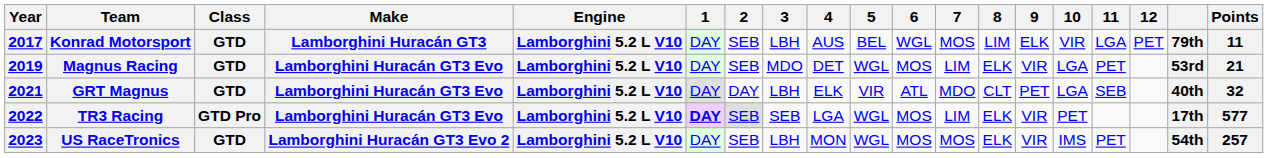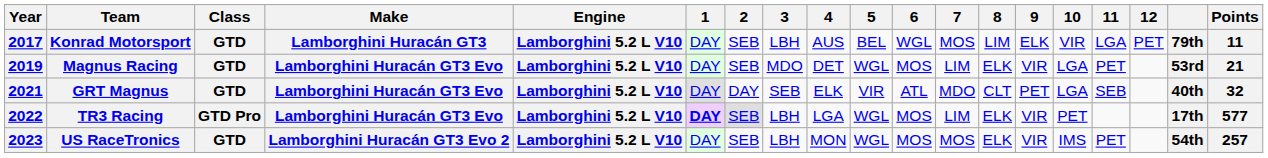 <table class="wikitable" style="text-align:center; font-size:90%">
 <tr>
 <th>Year</th>
 <th>Team</th>
 <th>Class</th>
 <th>Make</th>
 <th>Engine</th>
 <th>1</th>
 <th>2</th>
 <th>3</th>
 <th>4</th>
 <th>5</th>
 <th>6</th>
 <th>7</th>
 <th>8</th>
 <th>9</th>
 <th>10</th>
 <th>11</th>
 <th>12</th>
 <th></th>
 <th>Points</th>
 </tr>
 <tr>
 <th><a href='#'>2017</a></th>
 <th><a href='#'>Konrad Motorsport</a></th>
 <th>GTD</th>
 <th><a href='#'>Lamborghini Huracán GT3</a></th>
 <th><a href='#'>Lamborghini</a> 5.2 L <a href='#'>V10</a></th>
 <td style="background:#DFFFDF;"><a href='#'>DAY</a><br></td>
 <td style="background:#;"><a href='#'>SEB</a><br></td>
 <td style="background:#;"><a href='#'>LBH</a><br></td>
 <td style="background:#;"><a href='#'>AUS</a><br></td>
 <td style="background:#;"><a href='#'>BEL</a><br></td>
 <td style="background:#;"><a href='#'>WGL</a><br></td>
 <td style="background:#;"><a href='#'>MOS</a><br></td>
 <td style="background:#;"><a href='#'>LIM</a><br></td>
 <td style="background:#;"><a href='#'>ELK</a><br></td>
 <td style="background:#;"><a href='#'>VIR</a><br></td>
 <td style="background:#;"><a href='#'>LGA</a><br></td>
 <td style="background:#;"><a href='#'>PET</a><br></td>
 <th>79th</th>
 <th>11</th>
 </tr>
 <tr>
 <th><a href='#'>2019</a></th>
 <th><a href='#'>Magnus Racing</a></th>
 <th>GTD</th>
 <th><a href='#'>Lamborghini Huracán GT3 Evo</a></th>
 <th><a href='#'>Lamborghini</a> 5.2 L <a href='#'>V10</a></th>
 <td style="background:#dfffdf;"><a href='#'>DAY</a><br></td>
 <td style="background:#;"><a href='#'>SEB</a><br></td>
 <td style="background:#;"><a href='#'>MDO</a><br></td>
 <td style="background:#;"><a href='#'>DET</a><br></td>
 <td style="background:#;"><a href='#'>WGL</a><br></td>
 <td style="background:#;"><a href='#'>MOS</a><br></td>
 <td style="background:#;"><a href='#'>LIM</a><br></td>
 <td style="background:#;"><a href='#'>ELK</a><br></td>
 <td style="background:#;"><a href='#'>VIR</a><br></td>
 <td style="background:#;"><a href='#'>LGA</a><br></td>
 <td style="background:#;"><a href='#'>PET</a><br></td>
 <td></td>
 <th>53rd</th>
 <th>21</th>
 </tr>
 <tr>
 <th><a href='#'>2021</a></th>
 <th><a href='#'>GRT Magnus</a></th>
 <th>GTD</th>
 <th><a href='#'>Lamborghini Huracán GT3 Evo</a></th>
 <th><a href='#'>Lamborghini</a> 5.2 L <a href='#'>V10</a></th>
 <td style="background:#dfdfdf;"><a href='#'>DAY</a><br></td>
 <td style="background:#;"><a href='#'>DAY</a><br></td>
-<td style="background:#;"><a href='#'>LBH</a><br></td>
+<td style="background:#;"><a href='#'>SEB</a><br></td>
 <td style="background:#;"><a href='#'>ELK</a><br></td>
 <td style="background:#;"><a href='#'>VIR</a><br></td>
 <td style="background:#;"><a href='#'>ATL</a><br></td>
 <td style="background:#;"><a href='#'>MDO</a><br></td>
 <td style="background:#;"><a href='#'>CLT</a><br></td>
 <td style="background:#;"><a href='#'>PET</a><br></td>
 <td style="background:#;"><a href='#'>LGA</a><br></td>
 <td style="background:#;"><a href='#'>SEB</a><br></td>
 <td></td>
 <th>40th</th>
 <th>32</th>
 </tr>
 <tr>
 <th><a href='#'>2022</a></th>
 <th><a href='#'>TR3 Racing</a></th>
 <th>GTD Pro</th>
 <th><a href='#'>Lamborghini Huracán GT3 Evo</a></th>
 <th><a href='#'>Lamborghini</a> 5.2 L <a href='#'>V10</a></th>
 <td style="background:#EFCFFF;"><strong><a href='#'>DAY</a></strong><br></td>
 <td style="background:#DFDFDF;"><a href='#'>SEB</a><br></td>
-<td style="background:#;"><a href='#'>SEB</a><br></td>
+<td style="background:#;"><a href='#'>LBH</a><br></td>
 <td style="background:#;"><a href='#'>LGA</a><br></td>
 <td style="background:#;"><a href='#'>WGL</a><br></td>
 <td style="background:#;"><a href='#'>MOS</a><br></td>
 <td style="background:#;"><a href='#'>LIM</a><br></td>
 <td style="background:#;”"><a href='#'>ELK</a><br></td>
 <td style="background:#;”"><a href='#'>VIR</a><br></td>
 <td style="background:#;"><a href='#'>PET</a> <br></td>
 <td></td>
 <td></td>
 <th>17th</th>
 <th>577</th>
 </tr>
 <tr>
 <th><a href='#'>2023</a></th>
 <th><a href='#'>US RaceTronics</a></th>
 <th>GTD</th>
 <th><a href='#'>Lamborghini Huracán GT3 Evo 2</a></th>
 <th><a href='#'>Lamborghini</a> 5.2 L <a href='#'>V10</a></th>
 <td style="background:#dfffdf;"><a href='#'>DAY</a><br></td>
 <td style="background:#;”"><a href='#'>SEB</a><br></td>
 <td style="background:#;”"><a href='#'>LBH</a><br></td>
 <td style="background:#;”"><a href='#'>MON</a><br></td>
 <td style="background:#;”"><a href='#'>WGL</a><br></td>
 <td style="background:#;”"><a href='#'>MOS</a><br></td>
 <td style="background:#;"><a href='#'>MOS</a><br></td>
 <td style="background:#;”"><a href='#'>ELK</a><br></td>
 <td style="background:#;”"><a href='#'>VIR</a><br></td>
 <td style="background:#;”"><a href='#'>IMS</a><br></td>
 <td style="background:#;”"><a href='#'>PET</a><br></td>
 <td></td>
 <th>54th</th>
 <th>257</th>
 </tr>
 </table>
